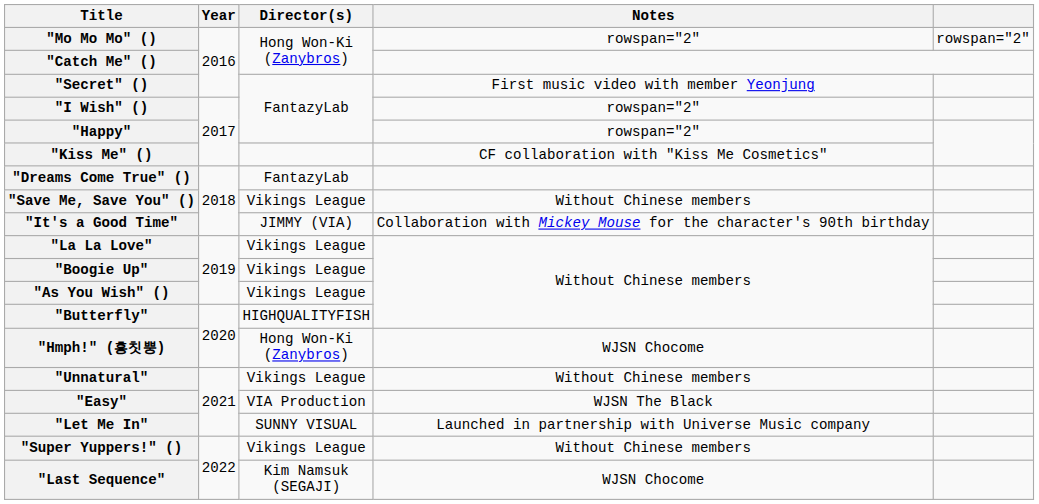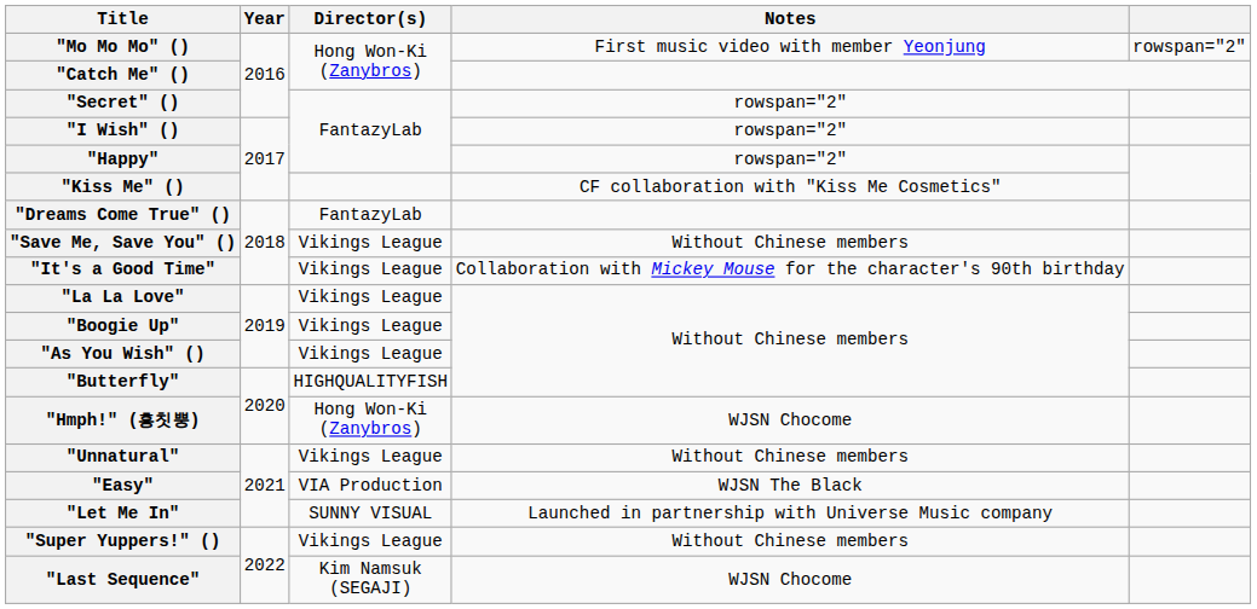 <table class="wikitable plainrowheaders" style="text-align:center;">
 <tr>
 <th scope="col">Title</th>
 <th scope="col">Year</th>
 <th scope="col">Director(s)</th>
 <th scope="col">Notes</th>
 <th scope="col"></th>
 </tr>
 <tr>
 <th scope="row">"Mo Mo Mo" ()</th>
 <td rowspan="3">2016</td>
 <td rowspan="2">Hong Won-Ki <br>(<a href='#'>Zanybros</a>)</td>
-<td>rowspan="2" </td>
+<td>First music video with member <a href='#'>Yeonjung</a></td>
 <td>rowspan="2" </td>
 </tr>
 <tr>
 <th scope="row">"Catch Me" ()</th>
 </tr>
 <tr>
 <th scope="row">"Secret" ()</th>
 <td rowspan="3">FantazyLab</td>
-<td>First music video with member <a href='#'>Yeonjung</a></td>
+<td>rowspan="2" </td>
 <td></td>
 </tr>
 <tr>
 <th scope="row">"I Wish" ()</th>
 <td rowspan="3">2017</td>
 <td>rowspan="2" </td>
 <td></td>
 </tr>
 <tr>
 <th scope="row">"Happy"</th>
 <td>rowspan="2" </td>
 </tr>
 <tr>
 <th scope="row">"Kiss Me" ()</th>
 <td></td>
 <td>CF collaboration with "Kiss Me Cosmetics"</td>
 </tr>
 <tr>
 <th scope="row">"Dreams Come True" ()</th>
 <td rowspan="3">2018</td>
 <td>FantazyLab</td>
 <td></td>
 <td></td>
 </tr>
 <tr>
 <th scope="row">"Save Me, Save You" ()</th>
 <td>Vikings League</td>
 <td>Without Chinese members</td>
 <td></td>
 </tr>
 <tr>
 <th scope="row">"It's a Good Time" </th>
-<td>JIMMY (VIA)</td>
+<td>Vikings League</td>
 <td>Collaboration with <em><a href='#'>Mickey Mouse</a></em> for the character's 90th birthday</td>
 <td></td>
 </tr>
 <tr>
 <th scope="row">"La La Love"</th>
 <td rowspan="3">2019</td>
 <td>Vikings League</td>
 <td rowspan="4">Without Chinese members</td>
 <td></td>
 </tr>
 <tr>
 <th scope="row">"Boogie Up"</th>
 <td>Vikings League</td>
 <td></td>
 </tr>
 <tr>
 <th scope="row">"As You Wish" ()</th>
 <td>Vikings League</td>
 <td></td>
 </tr>
 <tr>
 <th scope="row">"Butterfly"</th>
 <td rowspan="2">2020</td>
 <td>HIGHQUALITYFISH</td>
 <td></td>
 </tr>
 <tr>
 <th scope="row">"Hmph!" (흥칫뿡)</th>
 <td>Hong Won-Ki <br>(<a href='#'>Zanybros</a>)</td>
 <td>WJSN Chocome</td>
 <td></td>
 </tr>
 <tr>
 <th scope="row">"Unnatural"</th>
 <td rowspan="3">2021</td>
 <td>Vikings League</td>
 <td>Without Chinese members</td>
 <td></td>
 </tr>
 <tr>
 <th scope="row">"Easy"</th>
 <td>VIA Production</td>
 <td>WJSN The Black</td>
 <td></td>
 </tr>
 <tr>
 <th scope="row">"Let Me In"</th>
 <td>SUNNY VISUAL</td>
 <td>Launched in partnership with Universe Music company</td>
 <td></td>
 </tr>
 <tr>
 <th scope="row">"Super Yuppers!" ()</th>
 <td rowspan="2">2022</td>
 <td>Vikings League</td>
 <td>Without Chinese members</td>
 <td></td>
 </tr>
 <tr>
 <th scope="row">"Last Sequence"</th>
 <td>Kim Namsuk<br>(SEGAJI)</td>
 <td>WJSN Chocome</td>
 <td></td>
 </tr>
 </table>
